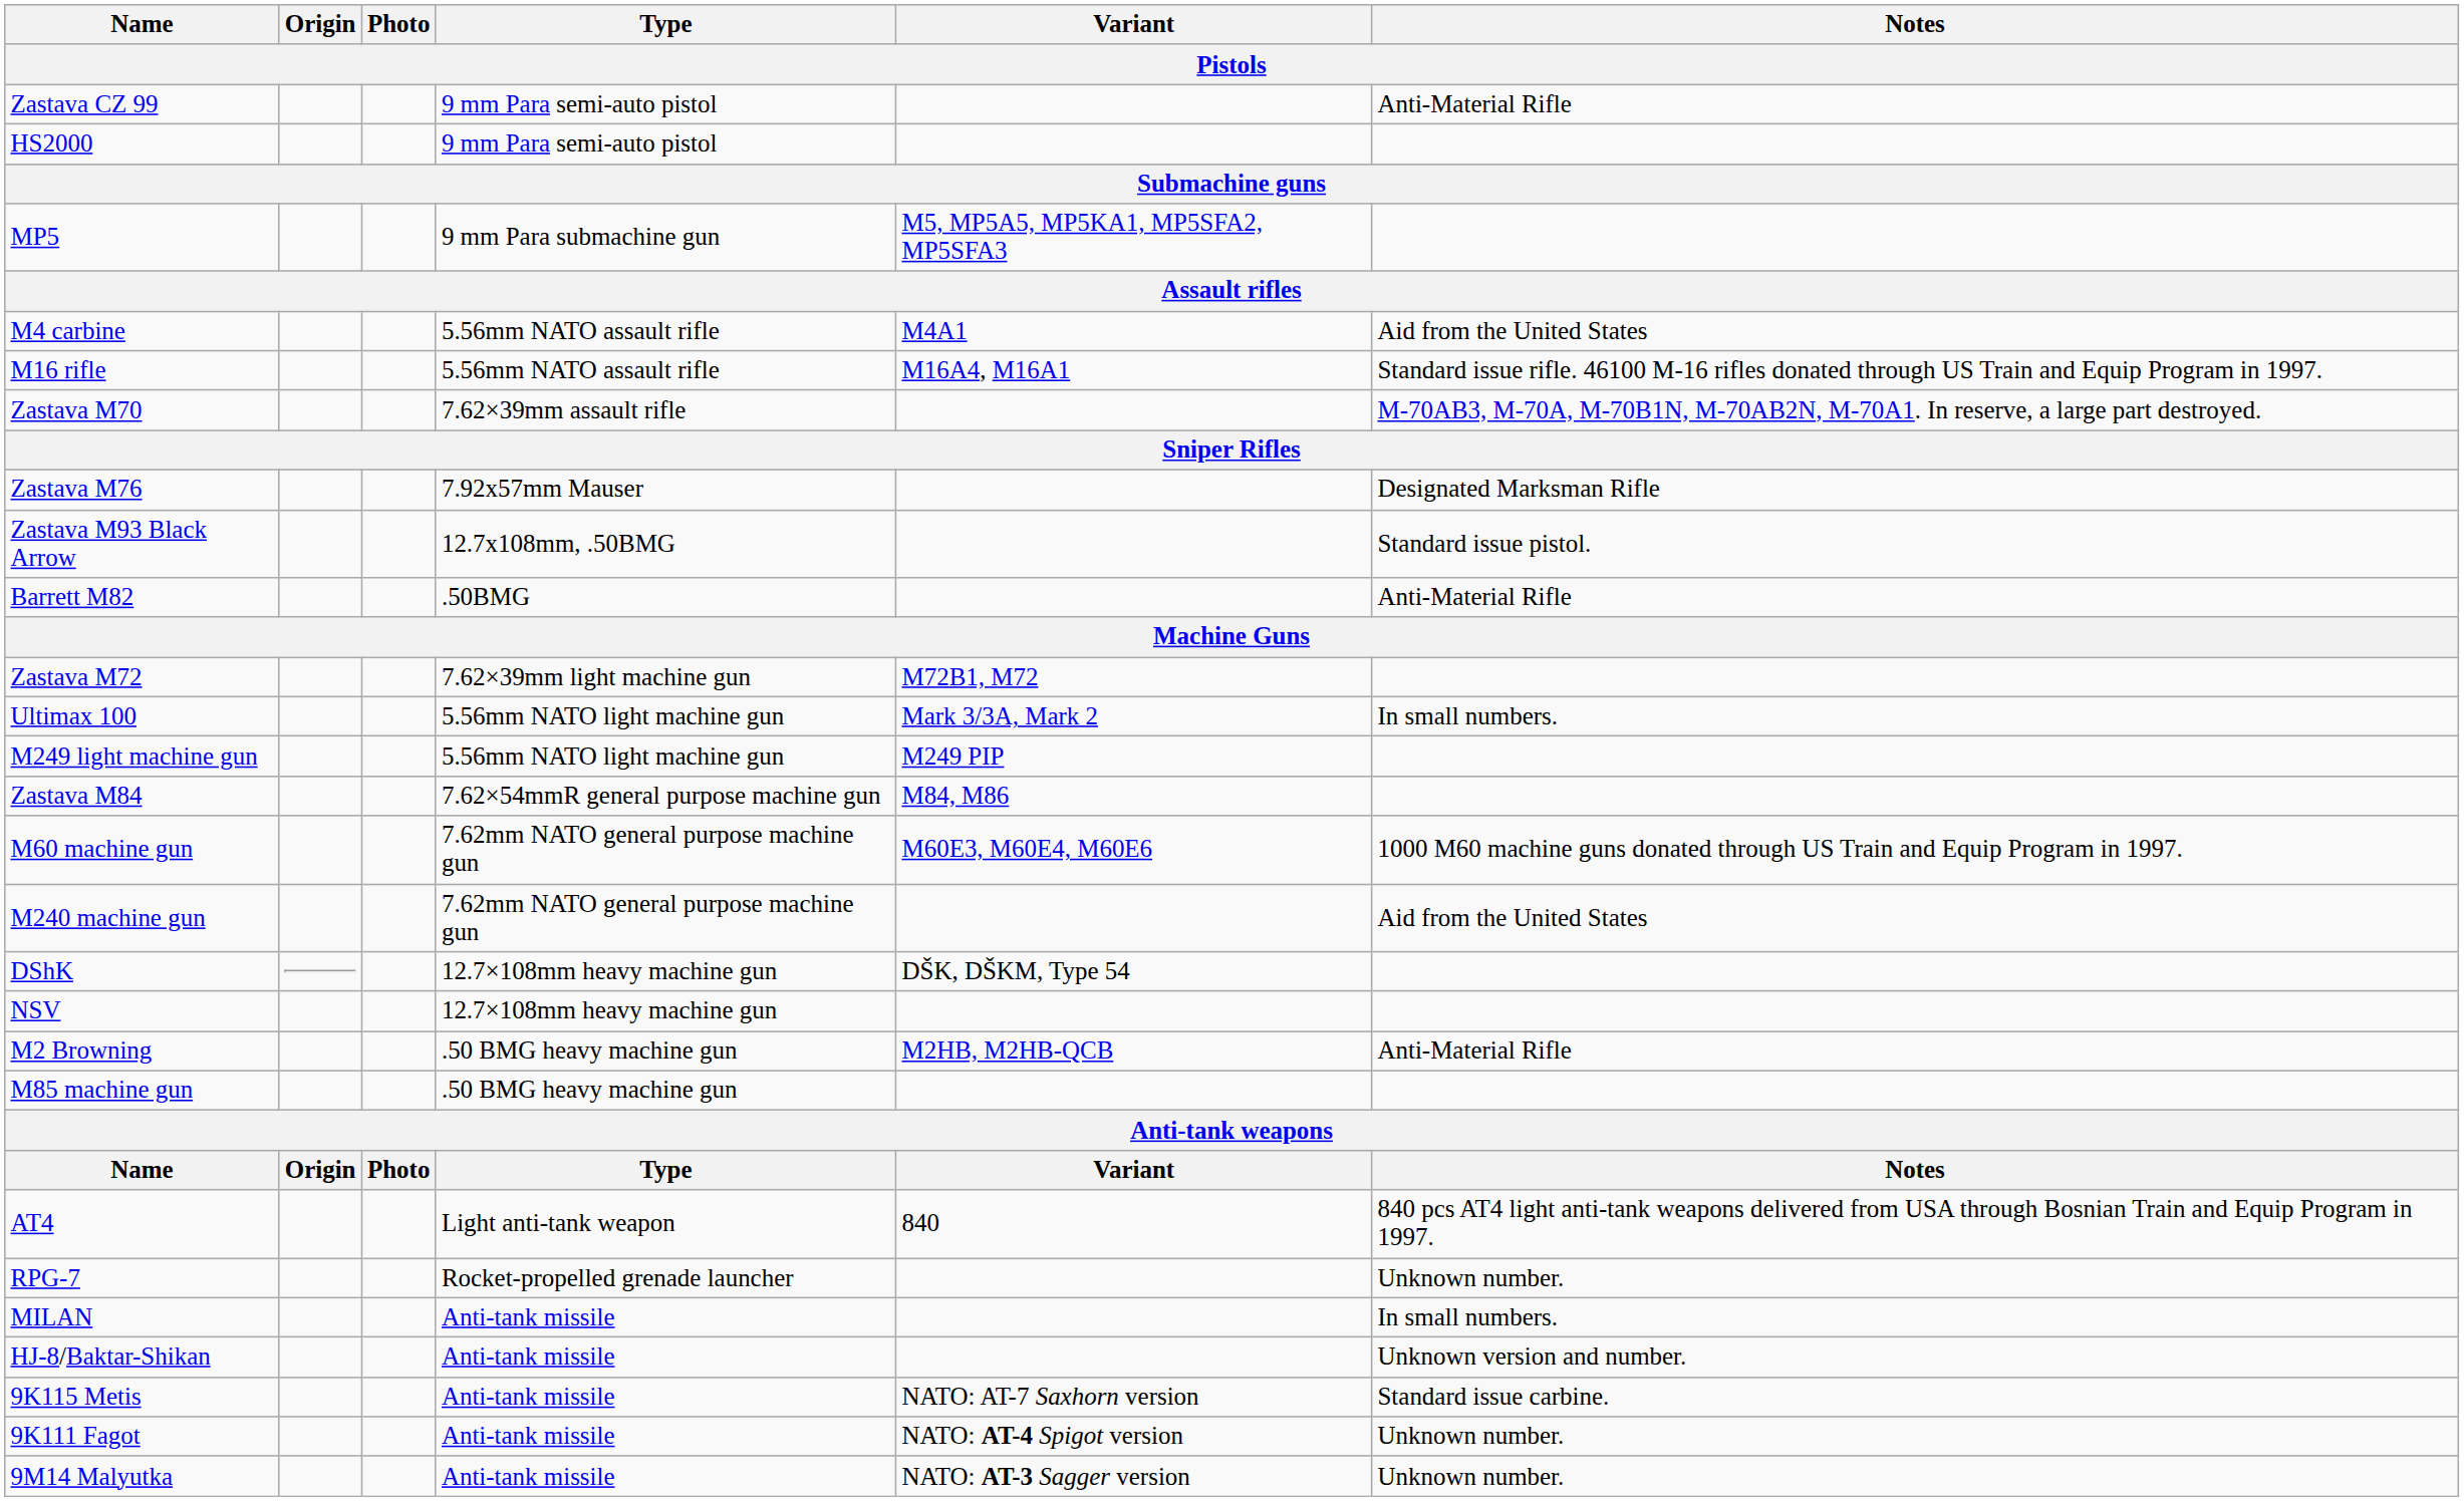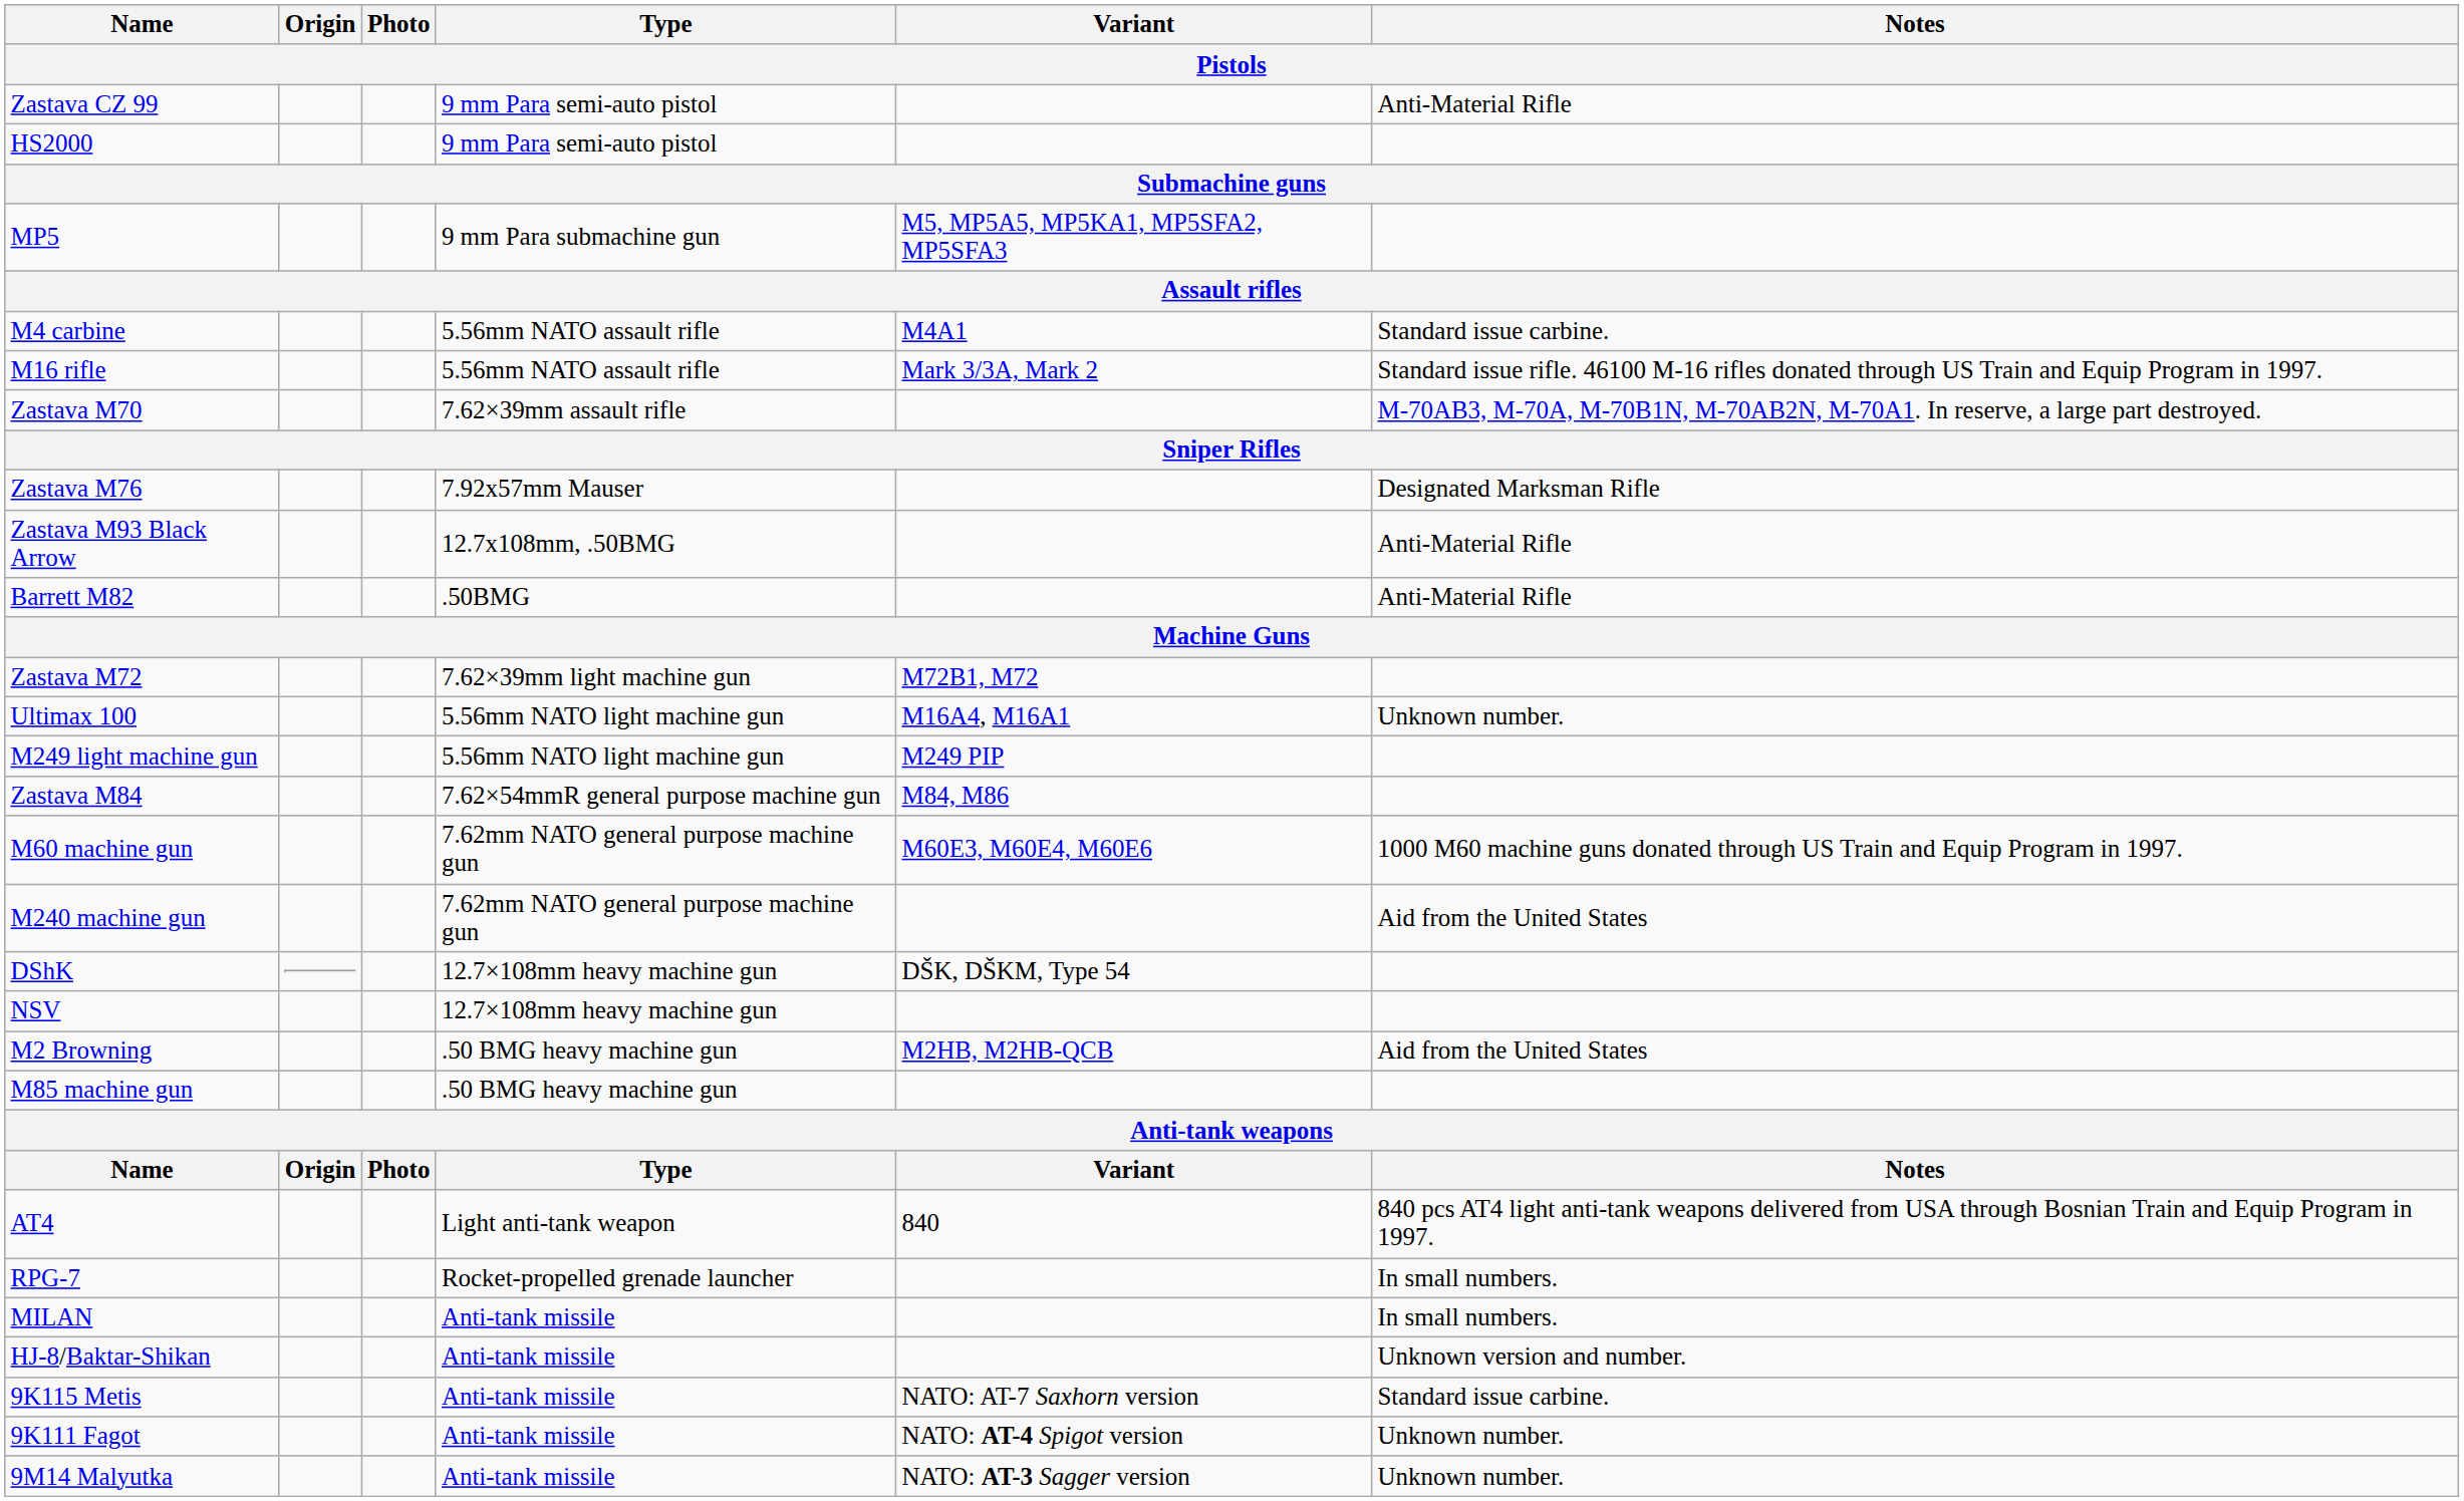 <table class="wikitable">
 <tr>
 <th style="text-align:center;">Name</th>
 <th style="text-align: center;">Origin</th>
 <th style="text-align:l center;">Photo</th>
 <th style="text-align:l center;">Type</th>
 <th style="text-align:l center;">Variant</th>
 <th style="text-align: center;">Notes</th>
 </tr>
 <tr>
 <th colspan="6" style="align: center;"><a href='#'>Pistols</a></th>
 </tr>
 <tr>
 <td><a href='#'>Zastava CZ 99</a></td>
 <td></td>
 <td></td>
 <td><a href='#'>9 mm Para</a> semi-auto pistol</td>
 <td></td>
 <td>Anti-Material Rifle</td>
 </tr>
 <tr>
 <td><a href='#'>HS2000</a></td>
 <td></td>
 <td></td>
 <td><a href='#'>9 mm Para</a> semi-auto pistol</td>
 <td></td>
 <td></td>
 </tr>
 <tr>
 <th colspan="6" style="align: center;"><a href='#'>Submachine guns</a></th>
 </tr>
 <tr>
 <td><a href='#'>MP5</a></td>
 <td></td>
 <td></td>
 <td>9 mm Para submachine gun</td>
 <td><a href='#'>M5, MP5A5, MP5KA1, MP5SFA2, MP5SFA3</a></td>
 <td></td>
 </tr>
 <tr>
 <th colspan="6" style="align: center;"><a href='#'>Assault rifles</a></th>
 </tr>
 <tr>
 <td><a href='#'>M4 carbine</a></td>
 <td></td>
 <td></td>
 <td>5.56mm NATO assault rifle</td>
 <td><a href='#'>M4A1</a></td>
-<td>Aid from the United States</td>
+<td>Standard issue carbine.</td>
 </tr>
 <tr>
 <td><a href='#'>M16 rifle</a></td>
 <td></td>
 <td></td>
 <td>5.56mm NATO assault rifle</td>
-<td><a href='#'>M16A4</a>, <a href='#'>M16A1</a></td>
+<td><a href='#'>Mark 3/3A, Mark 2</a></td>
 <td>Standard issue rifle. 46100 M-16 rifles donated through US Train and Equip Program in 1997.</td>
 </tr>
 <tr>
 <td><a href='#'>Zastava M70</a></td>
 <td></td>
 <td></td>
 <td>7.62×39mm assault rifle</td>
 <td></td>
 <td><a href='#'>M-70AB3, M-70A, M-70B1N, M-70AB2N, M-70A1</a>. In reserve, a large part destroyed.</td>
 </tr>
 <tr>
 <th colspan="6" style="align: center;"><a href='#'>Sniper Rifles</a></th>
 </tr>
 <tr>
 <td><a href='#'>Zastava M76</a></td>
 <td></td>
 <td></td>
 <td>7.92x57mm Mauser</td>
 <td></td>
 <td>Designated Marksman Rifle</td>
 </tr>
 <tr>
 <td><a href='#'>Zastava M93 Black Arrow</a></td>
 <td></td>
 <td></td>
 <td>12.7x108mm, .50BMG</td>
 <td></td>
-<td>Standard issue pistol.</td>
+<td>Anti-Material Rifle</td>
 </tr>
 <tr>
 <td><a href='#'>Barrett M82</a></td>
 <td></td>
 <td></td>
 <td>.50BMG</td>
 <td></td>
 <td>Anti-Material Rifle</td>
 </tr>
 <tr>
 <th colspan="6" style="align: center;"><a href='#'>Machine Guns</a></th>
 </tr>
 <tr>
 <td><a href='#'>Zastava M72</a></td>
 <td></td>
 <td></td>
 <td>7.62×39mm light machine gun</td>
 <td><a href='#'>M72B1, M72</a></td>
 <td></td>
 </tr>
 <tr>
 <td><a href='#'>Ultimax 100</a></td>
 <td></td>
 <td></td>
 <td>5.56mm NATO light machine gun</td>
-<td><a href='#'>Mark 3/3A, Mark 2</a></td>
-<td>In small numbers.</td>
+<td><a href='#'>M16A4</a>, <a href='#'>M16A1</a></td>
+<td>Unknown number.</td>
 </tr>
 <tr>
 <td><a href='#'>M249 light machine gun</a></td>
 <td></td>
 <td></td>
 <td>5.56mm NATO light machine gun</td>
 <td><a href='#'>M249 PIP</a></td>
 <td></td>
 </tr>
 <tr>
 <td><a href='#'>Zastava M84</a></td>
 <td></td>
 <td></td>
 <td>7.62×54mmR general purpose machine gun</td>
 <td><a href='#'>M84, M86</a></td>
 <td></td>
 </tr>
 <tr>
 <td><a href='#'>M60 machine gun</a></td>
 <td></td>
 <td></td>
 <td>7.62mm NATO general purpose machine gun</td>
 <td><a href='#'>M60E3, M60E4, M60E6</a></td>
 <td>1000 M60 machine guns donated through US Train and Equip Program in 1997.</td>
 </tr>
 <tr>
 <td><a href='#'>M240 machine gun</a></td>
 <td></td>
 <td></td>
 <td>7.62mm NATO general purpose machine gun</td>
 <td></td>
 <td>Aid from the United States</td>
 </tr>
 <tr>
 <td><a href='#'>DShK</a></td>
 <td> <hr> </td>
 <td></td>
 <td>12.7×108mm heavy machine gun</td>
 <td>DŠK, DŠKM, Type 54</td>
 <td></td>
 </tr>
 <tr>
 <td><a href='#'>NSV</a></td>
 <td></td>
 <td></td>
 <td>12.7×108mm heavy machine gun</td>
 <td></td>
 <td></td>
 </tr>
 <tr>
 <td><a href='#'>M2 Browning</a></td>
 <td></td>
 <td></td>
 <td>.50 BMG heavy machine gun</td>
 <td><a href='#'>M2HB, M2HB-QCB</a></td>
-<td>Anti-Material Rifle</td>
+<td>Aid from the United States</td>
 </tr>
 <tr>
 <td><a href='#'>M85 machine gun</a></td>
 <td></td>
 <td></td>
 <td>.50 BMG heavy machine gun</td>
 <td></td>
 <td></td>
 </tr>
 <tr>
 <th colspan="6" style="align: center;"><a href='#'>Anti-tank weapons</a></th>
 </tr>
 <tr>
 <th>Name</th>
 <th>Origin</th>
 <th>Photo</th>
 <th>Type</th>
 <th>Variant</th>
 <th>Notes</th>
 </tr>
 <tr>
 <td><a href='#'>AT4</a></td>
 <td></td>
 <td></td>
 <td>Light anti-tank weapon</td>
 <td>840</td>
 <td>840 pcs AT4 light anti-tank weapons delivered from USA through Bosnian Train and Equip Program in 1997.</td>
 </tr>
 <tr>
 <td><a href='#'>RPG-7</a></td>
 <td></td>
 <td></td>
 <td>Rocket-propelled grenade launcher</td>
 <td></td>
-<td>Unknown number.</td>
+<td>In small numbers.</td>
 </tr>
 <tr>
 <td><a href='#'>MILAN</a></td>
 <td></td>
 <td></td>
 <td><a href='#'>Anti-tank missile</a></td>
 <td></td>
 <td>In small numbers.</td>
 </tr>
 <tr>
 <td><a href='#'>HJ-8</a>/<a href='#'>Baktar-Shikan</a></td>
 <td><br></td>
 <td></td>
 <td><a href='#'>Anti-tank missile</a></td>
 <td></td>
 <td>Unknown version and number.</td>
 </tr>
 <tr>
 <td><a href='#'>9K115 Metis</a></td>
 <td></td>
 <td></td>
 <td><a href='#'>Anti-tank missile</a></td>
 <td>NATO: AT-7 <em>Saxhorn</em> version</td>
 <td>Standard issue carbine.</td>
 </tr>
 <tr>
 <td><a href='#'>9K111 Fagot</a></td>
 <td></td>
 <td></td>
 <td><a href='#'>Anti-tank missile</a></td>
 <td>NATO: <strong>AT-4</strong> <em>Spigot</em> version</td>
 <td>Unknown number.</td>
 </tr>
 <tr>
 <td><a href='#'>9M14 Malyutka</a></td>
 <td></td>
 <td></td>
 <td><a href='#'>Anti-tank missile</a></td>
 <td>NATO: <strong>AT-3</strong> <em>Sagger</em> version</td>
 <td>Unknown number.</td>
 </tr>
 </table>
